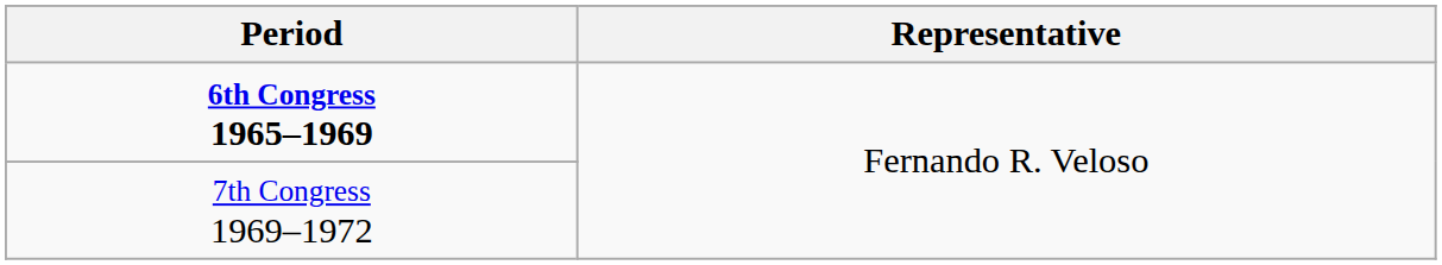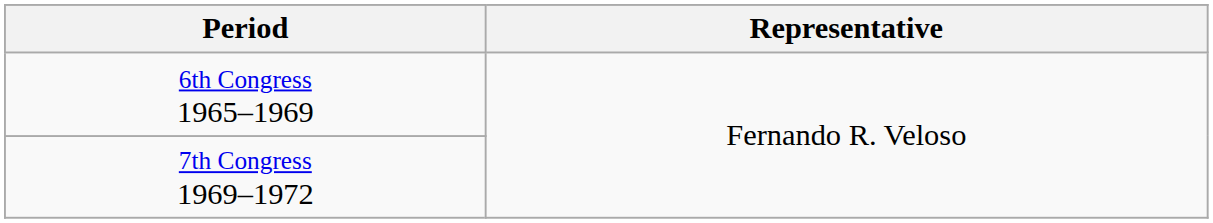 <table class="wikitable" style="text-align:center; width:40%;">
 <tr>
 <th width=40%>Period</th>
 <th>Representative</th>
 </tr>
 <tr>
-<td><strong><small><a href='#'>6th Congress</a></small><br>1965–1969</strong></td>
+<td><small><a href='#'>6th Congress</a></small><br>1965–1969</td>
 <td rowspan="2">Fernando R. Veloso</td>
 </tr>
 <tr>
 <td><small><a href='#'>7th Congress</a></small><br>1969–1972</td>
 </tr>
 </table>
